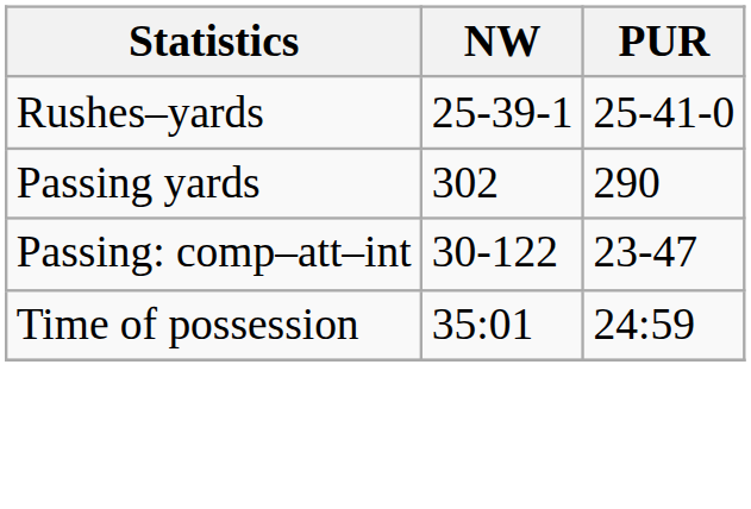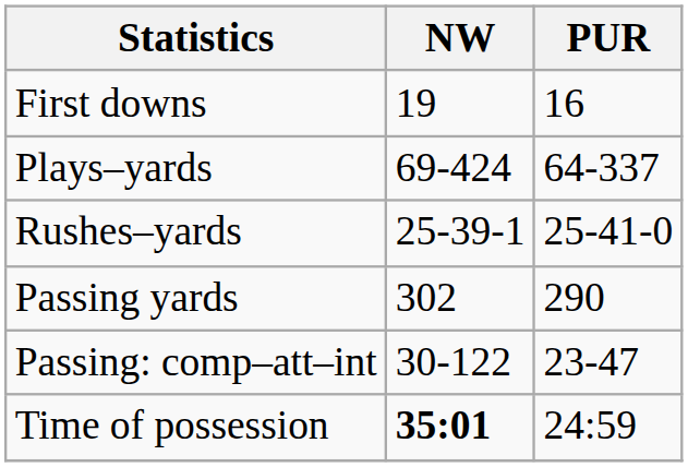 <table class="wikitable" style="float: left;">
 <tr>
 <th>Statistics</th>
 <th>NW</th>
 <th>PUR</th>
+</tr>
+<tr>
+<td>First downs</td>
+<td>19</td>
+<td>16</td>
+</tr>
+<tr>
+<td>Plays–yards</td>
+<td>69-424</td>
+<td>64-337</td>
 </tr>
 <tr>
 <td>Rushes–yards</td>
 <td>25-39-1</td>
 <td>25-41-0</td>
 </tr>
 <tr>
 <td>Passing yards</td>
 <td>302</td>
 <td>290</td>
 </tr>
 <tr>
 <td>Passing: comp–att–int</td>
 <td>30-122</td>
 <td>23-47</td>
 </tr>
 <tr>
 <td>Time of possession</td>
-<td>35:01</td>
+<td><strong>35:01</strong></td>
 <td>24:59</td>
 </tr>
 <tr>
 </tr>
 </table>
